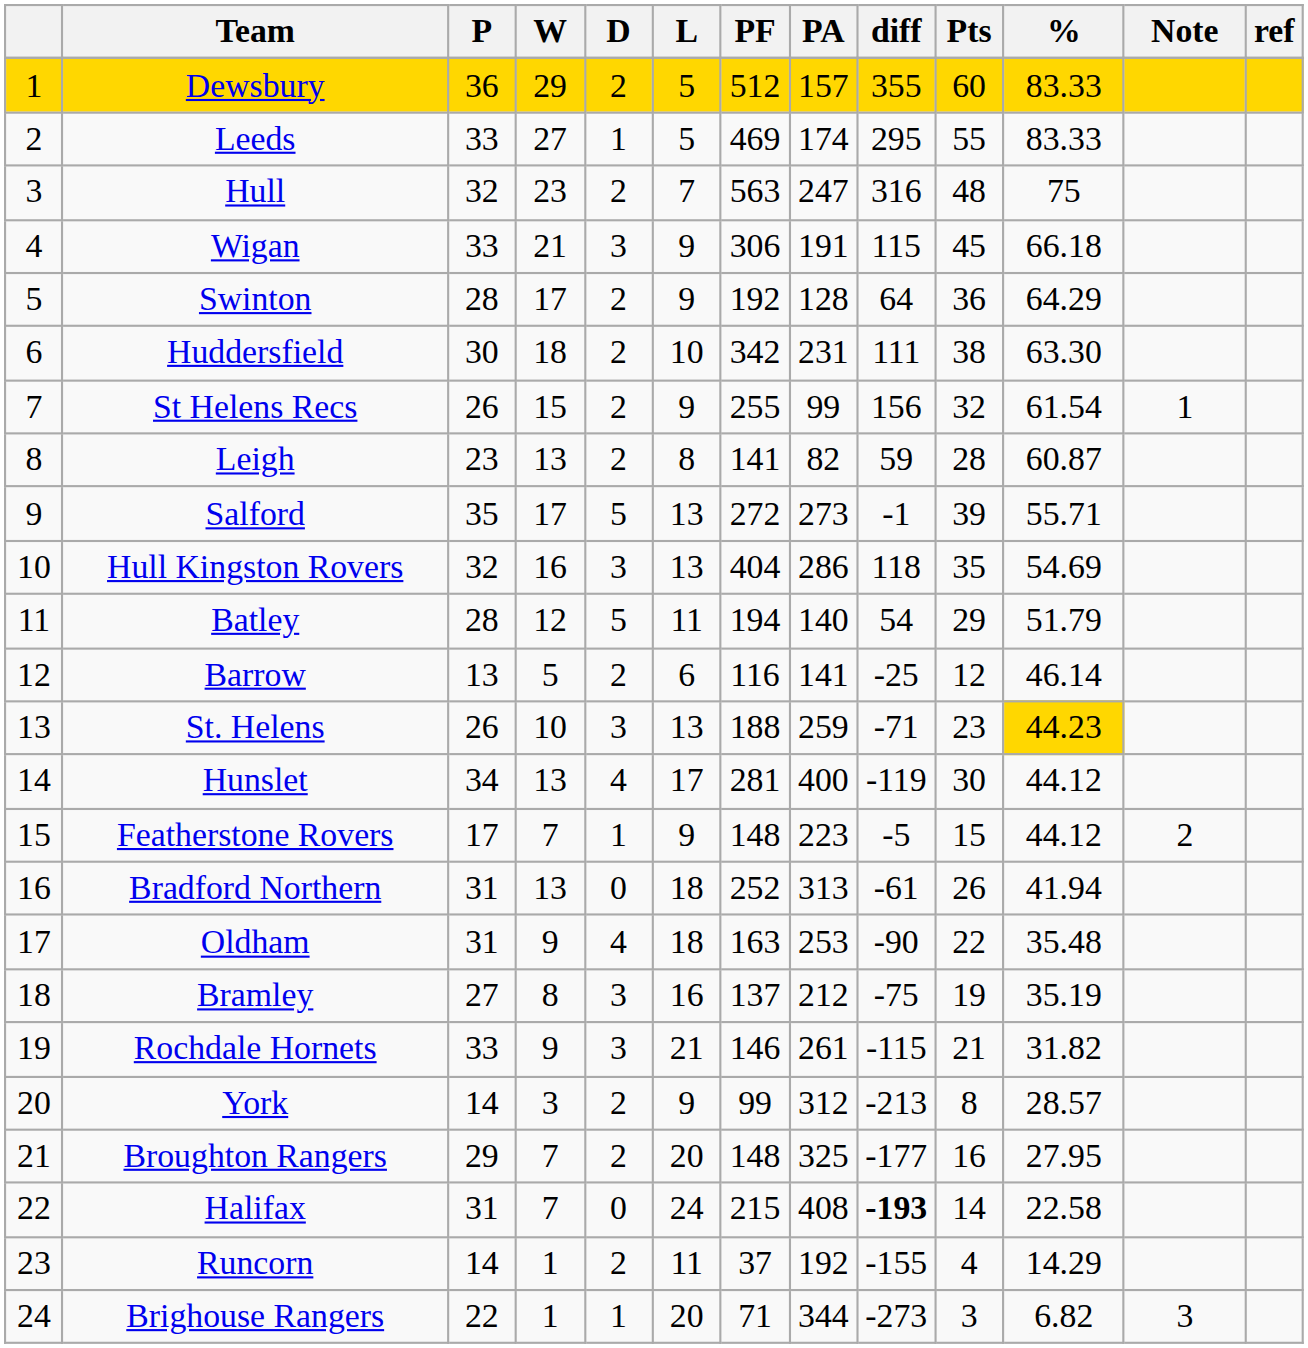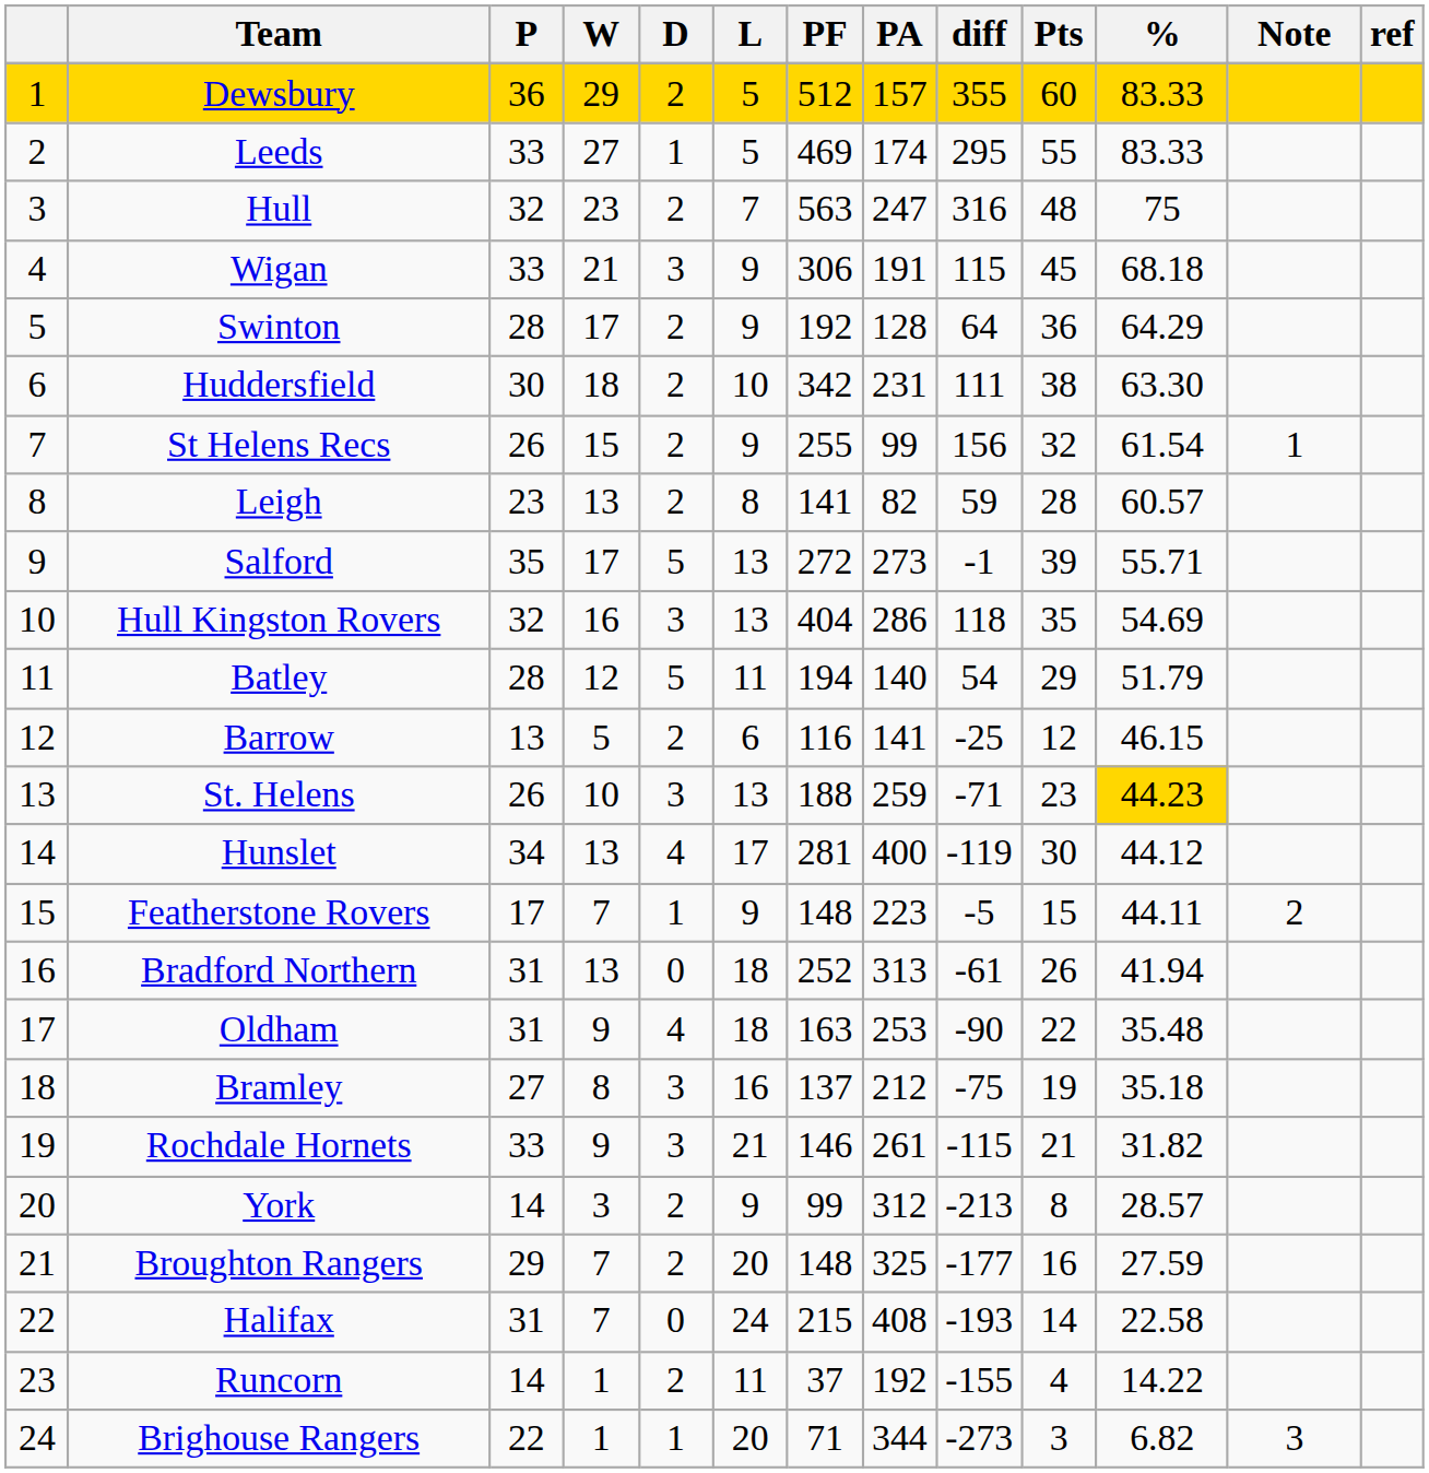 <table class="wikitable" style="text-align:center;">
 <tr>
 <th width=20 abbr="Position"></th>
 <th width=175>Team</th>
 <th width=25 abbr="Played">P</th>
 <th width=25 abbr="Won">W</th>
 <th width=25 abbr="Drawn">D</th>
 <th width=25 abbr="Lost">L</th>
 <th width=25 abbr="Points for">PF</th>
 <th width=25 abbr="Points against">PA</th>
 <th width=28 abbr="Points difference">diff</th>
 <th width=25 abbr="Points">Pts</th>
 <th width=50 abbr=”Win Percentage”>%</th>
 <th width=50 abbr="comments”">Note</th>
 <th width=20 abbr=”Reference”>ref</th>
 </tr>
 <tr>
 </tr>
 <tr align=center style="background:#FFD700;">
 <td>1</td>
 <td><a href='#'>Dewsbury</a></td>
 <td>36</td>
 <td>29</td>
 <td>2</td>
 <td>5</td>
 <td>512</td>
 <td>157</td>
 <td>355</td>
 <td>60</td>
 <td>83.33</td>
 <td></td>
 <td></td>
 </tr>
 <tr align=center style="background:">
 <td>2</td>
 <td><a href='#'>Leeds</a></td>
 <td>33</td>
 <td>27</td>
 <td>1</td>
 <td>5</td>
 <td>469</td>
 <td>174</td>
 <td>295</td>
 <td>55</td>
 <td>83.33</td>
 <td></td>
 <td></td>
 </tr>
 <tr>
 <td>3</td>
 <td><a href='#'>Hull</a></td>
 <td>32</td>
 <td>23</td>
 <td>2</td>
 <td>7</td>
 <td>563</td>
 <td>247</td>
 <td>316</td>
 <td>48</td>
 <td>75</td>
 <td></td>
 <td></td>
 </tr>
 <tr>
 <td>4</td>
 <td><a href='#'>Wigan</a></td>
 <td>33</td>
 <td>21</td>
 <td>3</td>
 <td>9</td>
 <td>306</td>
 <td>191</td>
 <td>115</td>
 <td>45</td>
-<td>66.18</td>
+<td>68.18</td>
 <td></td>
 <td></td>
 </tr>
 <tr>
 <td>5</td>
 <td><a href='#'>Swinton</a></td>
 <td>28</td>
 <td>17</td>
 <td>2</td>
 <td>9</td>
 <td>192</td>
 <td>128</td>
 <td>64</td>
 <td>36</td>
 <td>64.29</td>
 <td></td>
 <td></td>
 </tr>
 <tr>
 <td>6</td>
 <td><a href='#'>Huddersfield</a></td>
 <td>30</td>
 <td>18</td>
 <td>2</td>
 <td>10</td>
 <td>342</td>
 <td>231</td>
 <td>111</td>
 <td>38</td>
 <td>63.30</td>
 <td></td>
 <td></td>
 </tr>
 <tr>
 <td>7</td>
 <td><a href='#'>St Helens Recs</a></td>
 <td>26</td>
 <td>15</td>
 <td>2</td>
 <td>9</td>
 <td>255</td>
 <td>99</td>
 <td>156</td>
 <td>32</td>
 <td>61.54</td>
 <td>1</td>
 <td></td>
 </tr>
 <tr>
 <td>8</td>
 <td><a href='#'>Leigh</a></td>
 <td>23</td>
 <td>13</td>
 <td>2</td>
 <td>8</td>
 <td>141</td>
 <td>82</td>
 <td>59</td>
 <td>28</td>
-<td>60.87</td>
+<td>60.57</td>
 <td></td>
 <td></td>
 </tr>
 <tr>
 <td>9</td>
 <td><a href='#'>Salford</a></td>
 <td>35</td>
 <td>17</td>
 <td>5</td>
 <td>13</td>
 <td>272</td>
 <td>273</td>
 <td>-1</td>
 <td>39</td>
 <td>55.71</td>
 <td></td>
 <td></td>
 </tr>
 <tr>
 <td>10</td>
 <td><a href='#'>Hull Kingston Rovers</a></td>
 <td>32</td>
 <td>16</td>
 <td>3</td>
 <td>13</td>
 <td>404</td>
 <td>286</td>
 <td>118</td>
 <td>35</td>
 <td>54.69</td>
 <td></td>
 <td></td>
 </tr>
 <tr>
 <td>11</td>
 <td><a href='#'>Batley</a></td>
 <td>28</td>
 <td>12</td>
 <td>5</td>
 <td>11</td>
 <td>194</td>
 <td>140</td>
 <td>54</td>
 <td>29</td>
 <td>51.79</td>
 <td></td>
 <td></td>
 </tr>
 <tr>
 <td>12</td>
 <td><a href='#'>Barrow</a></td>
 <td>13</td>
 <td>5</td>
 <td>2</td>
 <td>6</td>
 <td>116</td>
 <td>141</td>
 <td>-25</td>
 <td>12</td>
-<td>46.14</td>
+<td>46.15</td>
 <td></td>
 <td></td>
 </tr>
 <tr>
 <td>13</td>
 <td><a href='#'>St. Helens</a></td>
 <td>26</td>
 <td>10</td>
 <td>3</td>
 <td>13</td>
 <td>188</td>
 <td>259</td>
 <td>-71</td>
 <td>23</td>
 <td style="background: gold;">44.23</td>
 <td></td>
 <td></td>
 </tr>
 <tr>
 <td>14</td>
 <td><a href='#'>Hunslet</a></td>
 <td>34</td>
 <td>13</td>
 <td>4</td>
 <td>17</td>
 <td>281</td>
 <td>400</td>
 <td>-119</td>
 <td>30</td>
 <td>44.12</td>
 <td></td>
 <td></td>
 </tr>
 <tr>
 <td>15</td>
 <td><a href='#'>Featherstone Rovers</a></td>
 <td>17</td>
 <td>7</td>
 <td>1</td>
 <td>9</td>
 <td>148</td>
 <td>223</td>
 <td>-5</td>
 <td>15</td>
-<td>44.12</td>
+<td>44.11</td>
 <td>2</td>
 <td></td>
 </tr>
 <tr>
 <td>16</td>
 <td><a href='#'>Bradford Northern</a></td>
 <td>31</td>
 <td>13</td>
 <td>0</td>
 <td>18</td>
 <td>252</td>
 <td>313</td>
 <td>-61</td>
 <td>26</td>
 <td>41.94</td>
 <td></td>
 <td></td>
 </tr>
 <tr>
 <td>17</td>
 <td><a href='#'>Oldham</a></td>
 <td>31</td>
 <td>9</td>
 <td>4</td>
 <td>18</td>
 <td>163</td>
 <td>253</td>
 <td>-90</td>
 <td>22</td>
 <td>35.48</td>
 <td></td>
 <td></td>
 </tr>
 <tr>
 <td>18</td>
 <td><a href='#'>Bramley</a></td>
 <td>27</td>
 <td>8</td>
 <td>3</td>
 <td>16</td>
 <td>137</td>
 <td>212</td>
 <td>-75</td>
 <td>19</td>
-<td>35.19</td>
+<td>35.18</td>
 <td></td>
 <td></td>
 </tr>
 <tr>
 <td>19</td>
 <td><a href='#'>Rochdale Hornets</a></td>
 <td>33</td>
 <td>9</td>
 <td>3</td>
 <td>21</td>
 <td>146</td>
 <td>261</td>
 <td>-115</td>
 <td>21</td>
 <td>31.82</td>
 <td></td>
 <td></td>
 </tr>
 <tr>
 <td>20</td>
 <td><a href='#'>York</a></td>
 <td>14</td>
 <td>3</td>
 <td>2</td>
 <td>9</td>
 <td>99</td>
 <td>312</td>
 <td>-213</td>
 <td>8</td>
 <td>28.57</td>
 <td></td>
 <td></td>
 </tr>
 <tr>
 <td>21</td>
 <td><a href='#'>Broughton Rangers</a></td>
 <td>29</td>
 <td>7</td>
 <td>2</td>
 <td>20</td>
 <td>148</td>
 <td>325</td>
 <td>-177</td>
 <td>16</td>
-<td>27.95</td>
+<td>27.59</td>
 <td></td>
 <td></td>
 </tr>
 <tr>
 <td>22</td>
 <td><a href='#'>Halifax</a></td>
 <td>31</td>
 <td>7</td>
 <td>0</td>
 <td>24</td>
 <td>215</td>
 <td>408</td>
-<td><strong>-193</strong></td>
+<td>-193</td>
 <td>14</td>
 <td>22.58</td>
 <td></td>
 <td></td>
 </tr>
 <tr>
 <td>23</td>
 <td><a href='#'>Runcorn</a></td>
 <td>14</td>
 <td>1</td>
 <td>2</td>
 <td>11</td>
 <td>37</td>
 <td>192</td>
 <td>-155</td>
 <td>4</td>
-<td>14.29</td>
+<td>14.22</td>
 <td></td>
 <td></td>
 </tr>
 <tr>
 <td>24</td>
 <td><a href='#'>Brighouse Rangers</a></td>
 <td>22</td>
 <td>1</td>
 <td>1</td>
 <td>20</td>
 <td>71</td>
 <td>344</td>
 <td>-273</td>
 <td>3</td>
 <td>6.82</td>
 <td>3</td>
 <td></td>
 </tr>
 </table>
